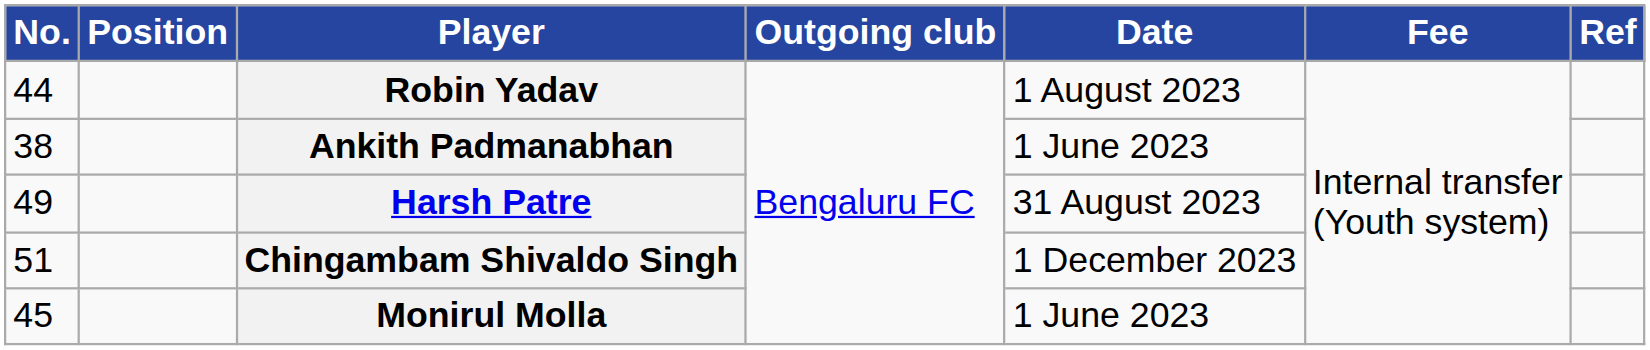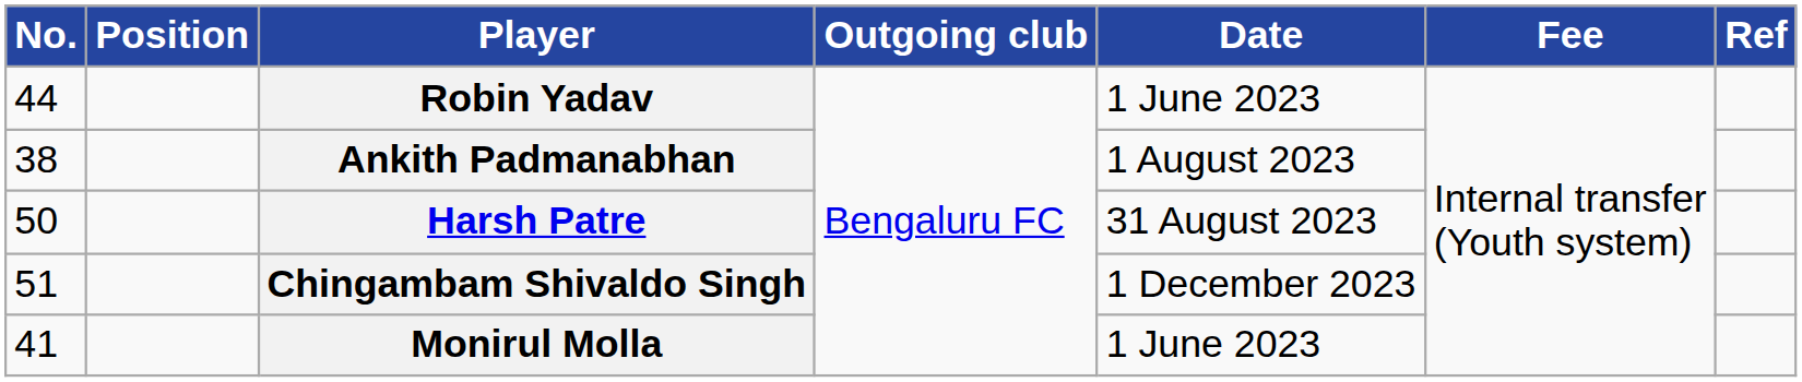 <table class="wikitable plainrowheaders" style="text-align:center; text-align:left">
 <tr>
 <th style="background:#2545A0; color:#FFFFFF; ">No.</th>
 <th scope="col" style="background:#2545A0; color:#FFFFFF; ">Position</th>
 <th scope="col" style="background:#2545A0; color:#FFFFFF; ">Player</th>
 <th scope="col" style="background:#2545A0; color:#FFFFFF; ">Outgoing club</th>
 <th scope="col" style="background:#2545A0; color:#FFFFFF; ">Date</th>
 <th scope="col" style="background:#2545A0; color:#FFFFFF; ">Fee</th>
 <th scope="col" style="background:#2545A0; color:#FFFFFF; ">Ref</th>
 </tr>
 <tr>
 <td>44</td>
 <td></td>
 <th scope="row"> Robin Yadav</th>
 <td rowspan=5> <a href='#'>Bengaluru FC</a></td>
-<td>1 August 2023</td>
+<td>1 June 2023</td>
 <td rowspan="25">Internal transfer <br> (Youth system)</td>
 <td></td>
 </tr>
 <tr>
 <td>38</td>
 <td></td>
 <th scope="row"> Ankith Padmanabhan</th>
-<td>1 June 2023</td>
+<td>1 August 2023</td>
 <td></td>
 </tr>
 <tr>
-<td>49</td>
+<td>50</td>
 <td></td>
 <th scope="row"> <a href='#'>Harsh Patre</a></th>
 <td>31 August 2023</td>
 <td></td>
 </tr>
 <tr>
 <td>51</td>
 <td></td>
 <th scope="row"> Chingambam Shivaldo Singh</th>
 <td>1 December 2023</td>
 <td></td>
 </tr>
 <tr>
-<td>45</td>
+<td>41</td>
 <td></td>
 <th scope="row"> Monirul Molla</th>
 <td>1 June 2023</td>
 <td></td>
 </tr>
 </table>
